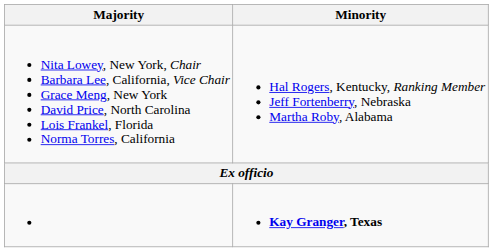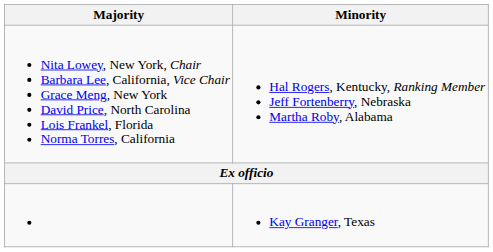 <table class=wikitable>
 <tr>
 <th>Majority</th>
 <th>Minority</th>
 </tr>
 <tr>
 <td><br><ul><li><a href='#'>Nita Lowey</a>, New York, <em>Chair</em></li><li><a href='#'>Barbara Lee</a>, California, <em>Vice Chair</em></li><li><a href='#'>Grace Meng</a>, New York</li><li><a href='#'>David Price</a>, North Carolina</li><li><a href='#'>Lois Frankel</a>, Florida</li><li><a href='#'>Norma Torres</a>, California</li></ul></td>
 <td><br><ul><li><a href='#'>Hal Rogers</a>, Kentucky, <em>Ranking Member</em></li><li><a href='#'>Jeff Fortenberry</a>, Nebraska</li><li><a href='#'>Martha Roby</a>, Alabama</li></ul></td>
 </tr>
 <tr>
 <th colspan=2><em>Ex officio</em></th>
 </tr>
 <tr>
 <td><br><ul><li></li></ul></td>
-<td><strong><br><ul><li><a href='#'>Kay Granger</a>, Texas</li></ul></strong></td>
+<td><br><ul><li><a href='#'>Kay Granger</a>, Texas</li></ul></td>
 </tr>
 </table>
